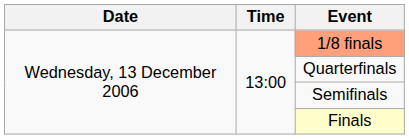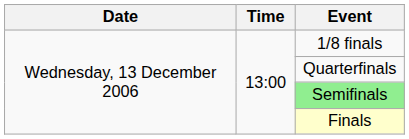 <table class = "wikitable" style="text-align:center;">
 <tr>
 <th width=220>Date</th>
 <th width=50>Time</th>
 <th width=100>Event</th>
 </tr>
 <tr>
 <td rowspan=4>Wednesday, 13 December 2006</td>
 <td rowspan=4>13:00</td>
-<td style="background: lightsalmon;">1/8 finals</td>
+<td>1/8 finals</td>
 </tr>
 <tr>
 <td>Quarterfinals</td>
 </tr>
 <tr>
-<td>Semifinals</td>
+<td style="background: lightgreen;">Semifinals</td>
 </tr>
 <tr>
 <td bgcolor=ffffcc>Finals</td>
 </tr>
 </table>
